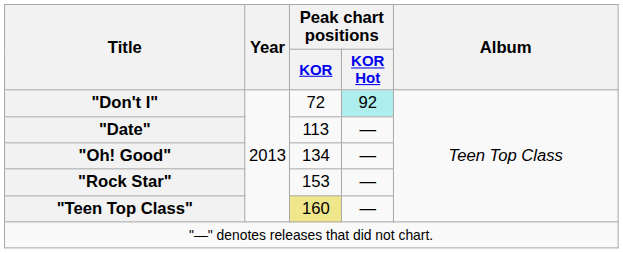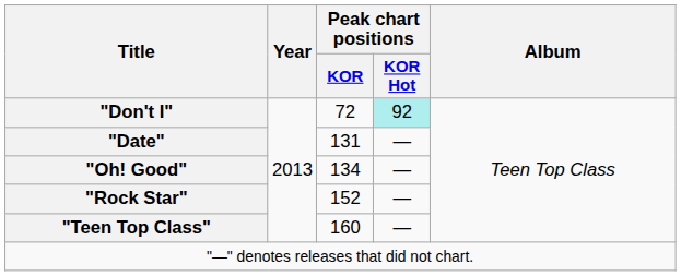 <table class="wikitable plainrowheaders" style="text-align:center;">
 <tr>
 <th scope="col" rowspan="2" style="width:14em;">Title</th>
 <th scope="col" rowspan="2">Year</th>
 <th scope="col" colspan="2">Peak chart<br>positions</th>
 <th scope="col" rowspan="2" style="width:13em;">Album</th>
 </tr>
 <tr>
 <th scope="col" style="width:3em;font-size:90%;"><a href='#'>KOR</a><br></th>
 <th scope="col" style="width:3em;font-size:90%;"><a href='#'>KOR<br>Hot</a><br></th>
 </tr>
 <tr>
 <th scope="row">"Don't I"</th>
 <td rowspan="5">2013</td>
 <td>72</td>
 <td style="background: paleturquoise;">92</td>
 <td rowspan="5"><em>Teen Top Class</em></td>
 </tr>
 <tr>
 <th scope="row">"Date"</th>
-<td>113</td>
+<td>131</td>
 <td>—</td>
 </tr>
 <tr>
 <th scope="row">"Oh! Good"</th>
 <td>134</td>
 <td>—</td>
 </tr>
 <tr>
 <th scope="row">"Rock Star"<br></th>
-<td>153</td>
+<td>152</td>
 <td>—</td>
 </tr>
 <tr>
 <th scope="row">"Teen Top Class"</th>
-<td style="background: khaki;">160</td>
+<td>160</td>
 <td>—</td>
 </tr>
 <tr>
 <td colspan="5"><small>"—" denotes releases that did not chart.</small></td>
 </tr>
 </table>
